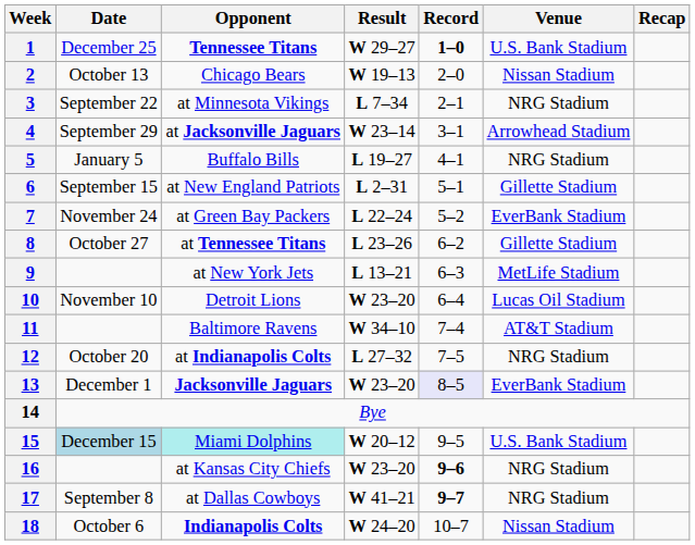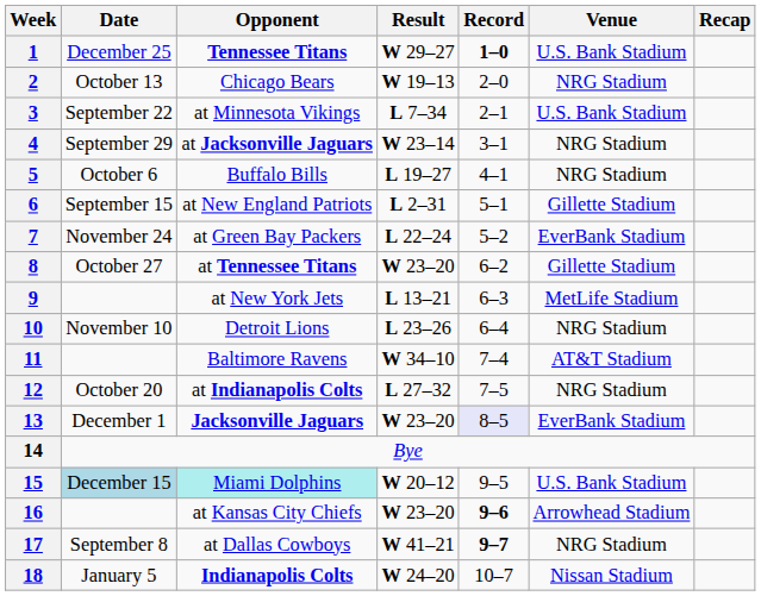 <table class="wikitable" style="text-align:center">
 <tr>
 <th>Week</th>
 <th>Date</th>
 <th>Opponent</th>
 <th>Result</th>
 <th>Record</th>
 <th>Venue</th>
 <th>Recap</th>
 </tr>
 <tr>
 <th><a href='#'>1</a></th>
 <td><a href='#'>December 25</a></td>
 <td><strong><a href='#'>Tennessee Titans</a></strong></td>
 <td><strong>W</strong> 29–27</td>
 <td><strong>1–0</strong></td>
 <td><a href='#'>U.S. Bank Stadium</a></td>
 <td></td>
 </tr>
 <tr>
 <th><a href='#'>2</a></th>
 <td>October 13</td>
 <td><a href='#'>Chicago Bears</a></td>
 <td><strong>W</strong> 19–13</td>
 <td>2–0</td>
-<td><a href='#'>Nissan Stadium</a></td>
+<td><a href='#'>NRG Stadium</a></td>
 <td></td>
 </tr>
 <tr>
 <th><a href='#'>3</a></th>
 <td>September 22</td>
 <td>at <a href='#'>Minnesota Vikings</a></td>
 <td><strong>L</strong> 7–34</td>
 <td>2–1</td>
-<td>NRG Stadium</td>
+<td><a href='#'>U.S. Bank Stadium</a></td>
 <td></td>
 </tr>
 <tr>
 <th><a href='#'>4</a></th>
 <td>September 29</td>
 <td>at <strong><a href='#'>Jacksonville Jaguars</a></strong></td>
 <td><strong>W</strong> 23–14</td>
 <td>3–1</td>
-<td><a href='#'>Arrowhead Stadium</a></td>
+<td>NRG Stadium</td>
 <td></td>
 </tr>
 <tr>
 <th><a href='#'>5</a></th>
-<td>January 5</td>
+<td>October 6</td>
 <td><a href='#'>Buffalo Bills</a></td>
 <td><strong>L</strong> 19–27</td>
 <td>4–1</td>
 <td>NRG Stadium</td>
 <td></td>
 </tr>
 <tr>
 <th><a href='#'>6</a></th>
 <td>September 15</td>
 <td>at <a href='#'>New England Patriots</a></td>
 <td><strong>L</strong> 2–31</td>
 <td>5–1</td>
 <td><a href='#'>Gillette Stadium</a></td>
 <td></td>
 </tr>
 <tr>
 <th><a href='#'>7</a></th>
 <td>November 24</td>
 <td>at <a href='#'>Green Bay Packers</a></td>
 <td><strong>L</strong> 22–24</td>
 <td>5–2</td>
 <td><a href='#'>EverBank Stadium</a></td>
 <td></td>
 </tr>
 <tr>
 <th><a href='#'>8</a></th>
 <td>October 27</td>
 <td>at <strong><a href='#'>Tennessee Titans</a></strong></td>
-<td><strong>L</strong> 23–26</td>
+<td><strong>W</strong> 23–20</td>
 <td>6–2</td>
 <td><a href='#'>Gillette Stadium</a></td>
 <td></td>
 </tr>
 <tr>
 <th><a href='#'>9</a></th>
 <td></td>
 <td>at <a href='#'>New York Jets</a></td>
 <td><strong>L</strong> 13–21</td>
 <td>6–3</td>
 <td><a href='#'>MetLife Stadium</a></td>
 <td></td>
 </tr>
 <tr>
 <th><a href='#'>10</a></th>
 <td>November 10</td>
 <td><a href='#'>Detroit Lions</a></td>
-<td><strong>W</strong> 23–20</td>
+<td><strong>L</strong> 23–26</td>
 <td>6–4</td>
-<td><a href='#'>Lucas Oil Stadium</a></td>
+<td>NRG Stadium</td>
 <td></td>
 </tr>
 <tr>
 <th><a href='#'>11</a></th>
 <td></td>
 <td><a href='#'>Baltimore Ravens</a></td>
 <td><strong>W</strong> 34–10</td>
 <td>7–4</td>
 <td><a href='#'>AT&T Stadium</a></td>
 <td></td>
 </tr>
 <tr>
 <th><a href='#'>12</a></th>
 <td>October 20</td>
 <td>at <strong><a href='#'>Indianapolis Colts</a></strong></td>
 <td><strong>L</strong> 27–32</td>
 <td>7–5</td>
 <td>NRG Stadium</td>
 <td></td>
 </tr>
 <tr>
 <th><a href='#'>13</a></th>
 <td>December 1</td>
 <td><strong><a href='#'>Jacksonville Jaguars</a></strong></td>
 <td><strong>W</strong> 23–20</td>
 <td style="background: lavender;">8–5</td>
 <td><a href='#'>EverBank Stadium</a></td>
 <td></td>
 </tr>
 <tr>
 <th>14</th>
 <td colspan="6"><em><a href='#'>Bye</a></em></td>
 </tr>
 <tr>
 <th><a href='#'>15</a></th>
 <td style="background: lightblue;">December 15</td>
 <td style="background: paleturquoise;"><a href='#'>Miami Dolphins</a></td>
 <td><strong>W</strong> 20–12</td>
 <td>9–5</td>
 <td><a href='#'>U.S. Bank Stadium</a></td>
 <td></td>
 </tr>
 <tr>
 <th><a href='#'>16</a></th>
 <td></td>
 <td>at <a href='#'>Kansas City Chiefs</a></td>
 <td><strong>W</strong> 23–20</td>
 <td><strong>9–6</strong></td>
-<td>NRG Stadium</td>
+<td><a href='#'>Arrowhead Stadium</a></td>
 <td></td>
 </tr>
 <tr>
 <th><a href='#'>17</a></th>
 <td>September 8</td>
 <td>at <a href='#'>Dallas Cowboys</a></td>
 <td><strong>W</strong> 41–21</td>
 <td><strong>9–7</strong></td>
 <td>NRG Stadium</td>
 <td></td>
 </tr>
 <tr>
 <th><a href='#'>18</a></th>
-<td>October 6</td>
+<td>January 5</td>
 <td><strong><a href='#'>Indianapolis Colts</a></strong></td>
 <td><strong>W</strong> 24–20</td>
 <td>10–7</td>
 <td><a href='#'>Nissan Stadium</a></td>
 <td></td>
 </tr>
 </table>
